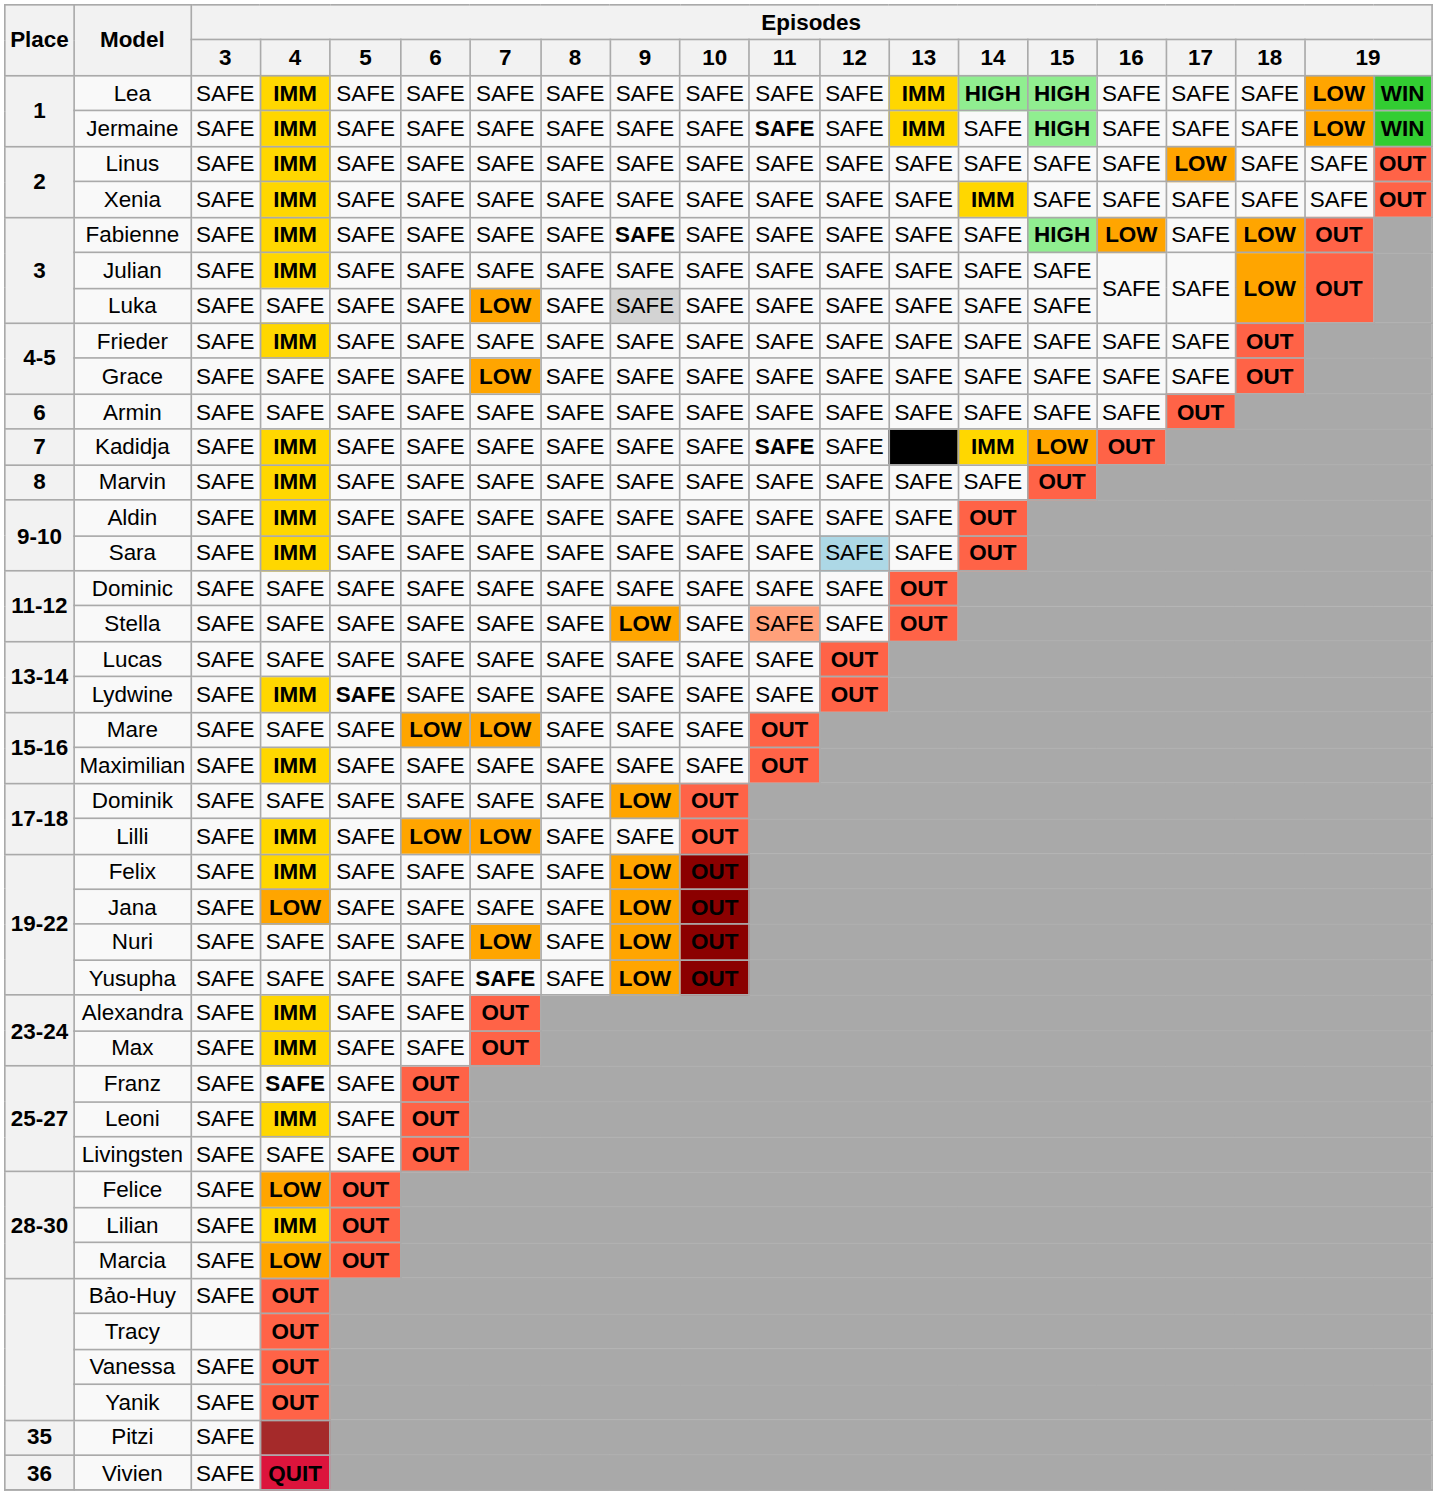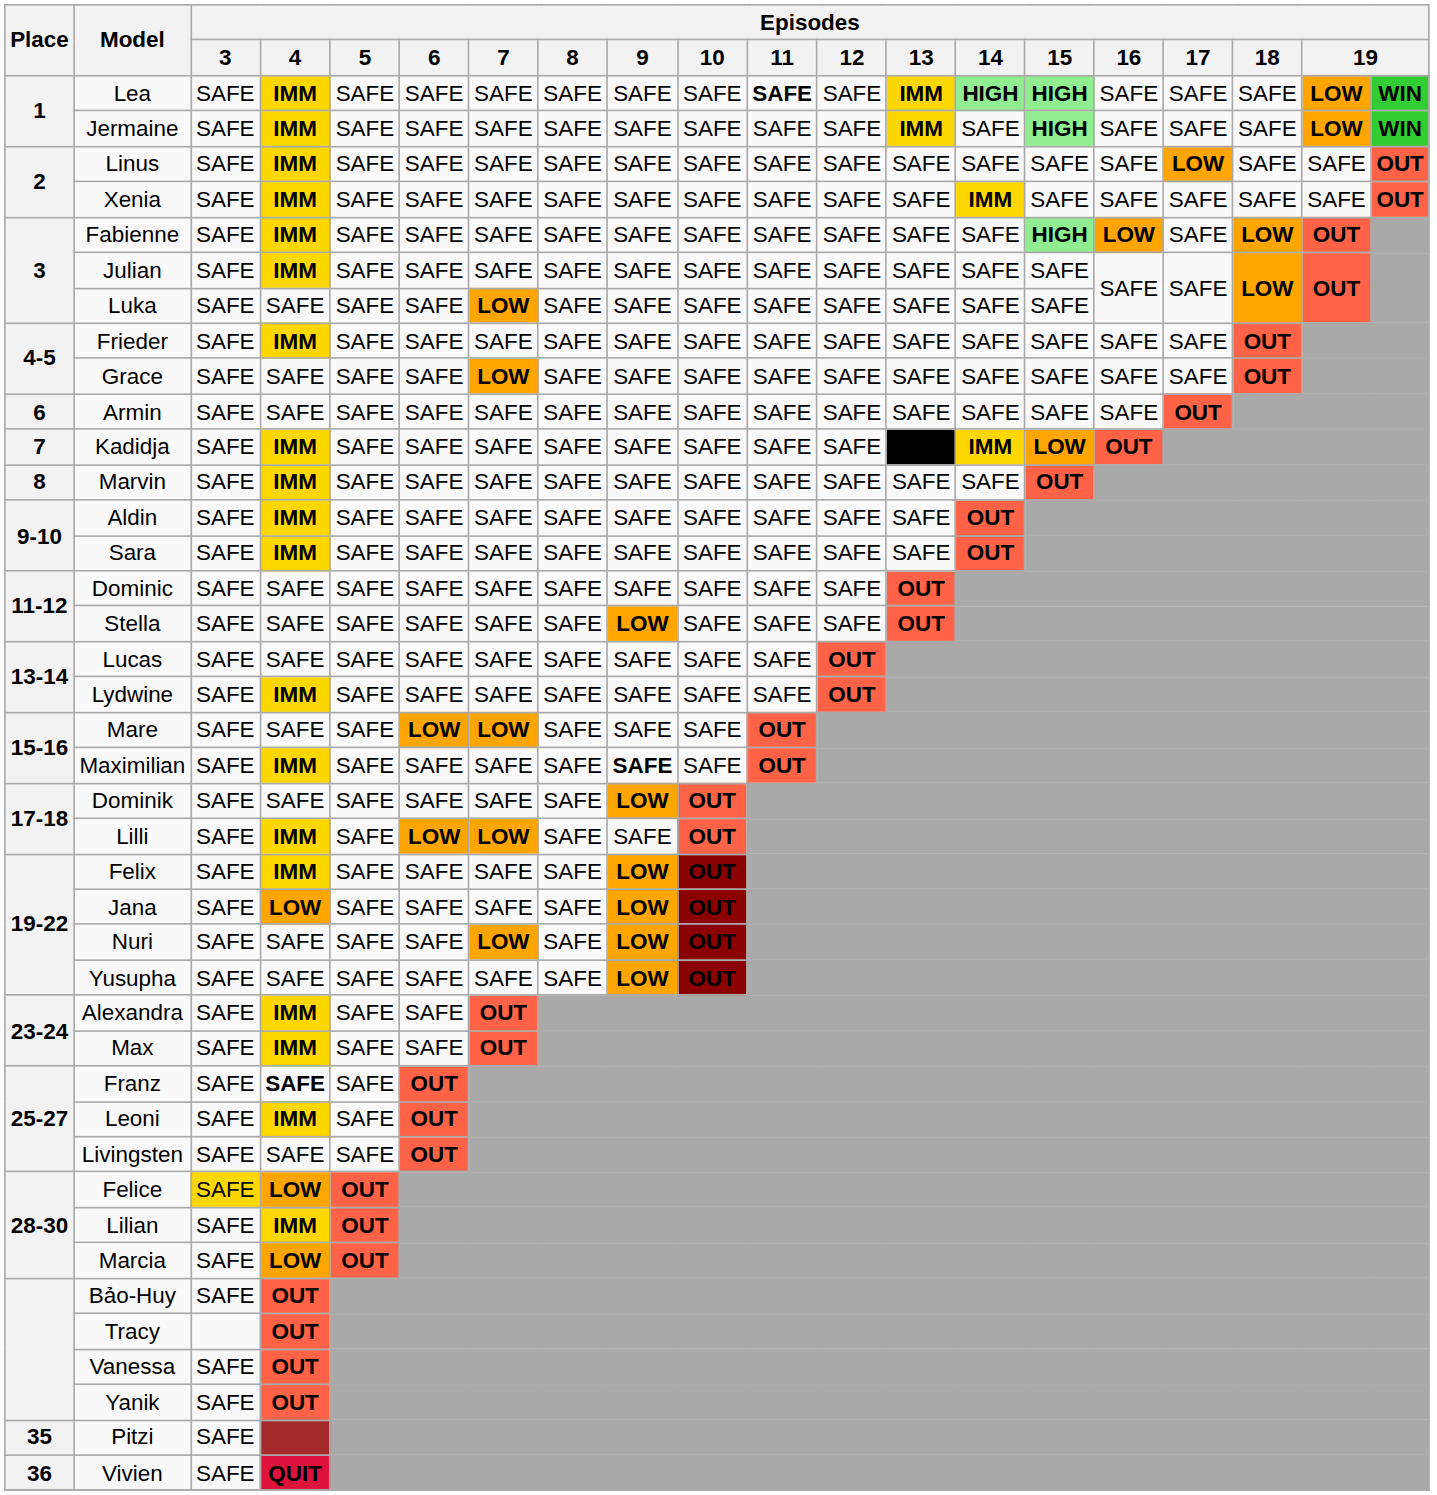 <table class="wikitable" style="width:50%; text-align:center; font-size:85%;">
 <tr>
 <th rowspan="2">Place</th>
 <th rowspan="2">Model</th>
 <th colspan="21">Episodes</th>
 </tr>
 <tr>
 <th>3</th>
 <th>4</th>
 <th>5</th>
 <th>6</th>
 <th>7</th>
 <th>8</th>
 <th>9</th>
 <th>10</th>
 <th>11</th>
 <th>12</th>
 <th>13</th>
 <th>14</th>
 <th>15</th>
 <th>16</th>
 <th>17</th>
 <th>18</th>
 <th colspan="2">19</th>
 </tr>
 <tr>
 <th rowspan="2">1</th>
 <td>Lea</td>
 <td>SAFE</td>
 <td style="background:gold;"><strong>IMM</strong></td>
 <td>SAFE</td>
 <td>SAFE</td>
 <td>SAFE</td>
 <td>SAFE</td>
 <td>SAFE</td>
 <td>SAFE</td>
-<td>SAFE</td>
+<td><strong>SAFE</strong></td>
 <td>SAFE</td>
 <td style="background:gold;"><strong>IMM</strong></td>
 <td style="background:lightgreen;"><strong>HIGH</strong></td>
 <td style="background:lightgreen;"><strong>HIGH</strong></td>
 <td>SAFE</td>
 <td>SAFE</td>
 <td>SAFE</td>
 <td style="background:orange;"><strong>LOW</strong></td>
 <td style="background:limegreen;"><strong>WIN</strong></td>
 </tr>
 <tr>
 <td>Jermaine</td>
 <td>SAFE</td>
 <td style="background:gold;"><strong>IMM</strong></td>
 <td>SAFE</td>
 <td>SAFE</td>
 <td>SAFE</td>
 <td>SAFE</td>
 <td>SAFE</td>
 <td>SAFE</td>
-<td><strong>SAFE</strong></td>
+<td>SAFE</td>
 <td>SAFE</td>
 <td style="background:gold;"><strong>IMM</strong></td>
 <td>SAFE</td>
 <td style="background:lightgreen;"><strong>HIGH</strong></td>
 <td>SAFE</td>
 <td>SAFE</td>
 <td>SAFE</td>
 <td style="background:orange;"><strong>LOW</strong></td>
 <td style="background:limegreen;"><strong>WIN</strong></td>
 </tr>
 <tr>
 <th rowspan="2">2</th>
 <td>Linus</td>
 <td>SAFE</td>
 <td style="background:gold;"><strong>IMM</strong></td>
 <td>SAFE</td>
 <td>SAFE</td>
 <td>SAFE</td>
 <td>SAFE</td>
 <td>SAFE</td>
 <td>SAFE</td>
 <td>SAFE</td>
 <td>SAFE</td>
 <td>SAFE</td>
 <td>SAFE</td>
 <td>SAFE</td>
 <td>SAFE</td>
 <td style="background:orange;"><strong>LOW</strong></td>
 <td>SAFE</td>
 <td>SAFE</td>
 <td style="background:tomato;"><strong>OUT</strong></td>
 </tr>
 <tr>
 <td>Xenia</td>
 <td>SAFE</td>
 <td style="background:gold;"><strong>IMM</strong></td>
 <td>SAFE</td>
 <td>SAFE</td>
 <td>SAFE</td>
 <td>SAFE</td>
 <td>SAFE</td>
 <td>SAFE</td>
 <td>SAFE</td>
 <td>SAFE</td>
 <td>SAFE</td>
 <td style="background:gold;"><strong>IMM</strong></td>
 <td>SAFE</td>
 <td>SAFE</td>
 <td>SAFE</td>
 <td>SAFE</td>
 <td>SAFE</td>
 <td style="background:tomato;"><strong>OUT</strong></td>
 </tr>
 <tr>
 <th rowspan="3">3</th>
 <td>Fabienne</td>
 <td>SAFE</td>
 <td style="background:gold;"><strong>IMM</strong></td>
 <td>SAFE</td>
 <td>SAFE</td>
 <td>SAFE</td>
 <td>SAFE</td>
-<td><strong>SAFE</strong></td>
+<td>SAFE</td>
 <td>SAFE</td>
 <td>SAFE</td>
 <td>SAFE</td>
 <td>SAFE</td>
 <td>SAFE</td>
 <td style="background:lightgreen;"><strong>HIGH</strong></td>
 <td style="background:orange;"><strong>LOW</strong></td>
 <td>SAFE</td>
 <td style="background:orange;"><strong>LOW</strong></td>
 <td style="background:tomato;"><strong>OUT</strong></td>
 <td colspan="25" style="background:darkgrey"></td>
 </tr>
 <tr>
 <td>Julian</td>
 <td>SAFE</td>
 <td style="background:gold;"><strong>IMM</strong></td>
 <td>SAFE</td>
 <td>SAFE</td>
 <td>SAFE</td>
 <td>SAFE</td>
 <td>SAFE</td>
 <td>SAFE</td>
 <td>SAFE</td>
 <td>SAFE</td>
 <td>SAFE</td>
 <td>SAFE</td>
 <td>SAFE</td>
 <td rowspan="2">SAFE</td>
 <td rowspan="2">SAFE</td>
 <td rowspan="2"style="background:orange;"><strong>LOW</strong></td>
 <td rowspan="2"style="background:tomato;"><strong>OUT</strong></td>
 <td rowspan="2"colspan="25" style="background:darkgrey"></td>
 </tr>
 <tr>
 <td>Luka</td>
 <td>SAFE</td>
 <td>SAFE</td>
 <td>SAFE</td>
 <td>SAFE</td>
 <td style="background:orange;"><strong>LOW</strong></td>
 <td>SAFE</td>
-<td style="background: lightgrey;">SAFE</td>
+<td>SAFE</td>
 <td>SAFE</td>
 <td>SAFE</td>
 <td>SAFE</td>
 <td>SAFE</td>
 <td>SAFE</td>
 <td>SAFE</td>
 </tr>
 <tr>
 <th rowspan="2">4-5</th>
 <td>Frieder</td>
 <td>SAFE</td>
 <td style="background:gold;"><strong>IMM</strong></td>
 <td>SAFE</td>
 <td>SAFE</td>
 <td>SAFE</td>
 <td>SAFE</td>
 <td>SAFE</td>
 <td>SAFE</td>
 <td>SAFE</td>
 <td>SAFE</td>
 <td>SAFE</td>
 <td>SAFE</td>
 <td>SAFE</td>
 <td>SAFE</td>
 <td>SAFE</td>
 <td style="background:tomato;"><strong>OUT</strong></td>
 <td colspan="25" style="background:darkgrey"></td>
 </tr>
 <tr>
 <td>Grace</td>
 <td>SAFE</td>
 <td>SAFE</td>
 <td>SAFE</td>
 <td>SAFE</td>
 <td style="background:orange;"><strong>LOW</strong></td>
 <td>SAFE</td>
 <td>SAFE</td>
 <td>SAFE</td>
 <td>SAFE</td>
 <td>SAFE</td>
 <td>SAFE</td>
 <td>SAFE</td>
 <td>SAFE</td>
 <td>SAFE</td>
 <td>SAFE</td>
 <td style="background:tomato;"><strong>OUT</strong></td>
 <td colspan="25" style="background:darkgrey"></td>
 </tr>
 <tr>
 <th>6</th>
 <td>Armin</td>
 <td>SAFE</td>
 <td>SAFE</td>
 <td>SAFE</td>
 <td>SAFE</td>
 <td>SAFE</td>
 <td>SAFE</td>
 <td>SAFE</td>
 <td>SAFE</td>
 <td>SAFE</td>
 <td>SAFE</td>
 <td>SAFE</td>
 <td>SAFE</td>
 <td>SAFE</td>
 <td>SAFE</td>
 <td style="background:tomato;"><strong>OUT</strong></td>
 <td colspan="25" style="background:darkgrey"></td>
 </tr>
 <tr>
 <th>7</th>
 <td>Kadidja</td>
 <td>SAFE</td>
 <td style="background:gold;"><strong>IMM</strong></td>
 <td>SAFE</td>
 <td>SAFE</td>
 <td>SAFE</td>
 <td>SAFE</td>
 <td>SAFE</td>
 <td>SAFE</td>
-<td><strong>SAFE</strong></td>
+<td>SAFE</td>
 <td>SAFE</td>
 <td style="background:black;"></td>
 <td style="background:gold;"><strong>IMM</strong></td>
 <td style="background:orange;"><strong>LOW</strong></td>
 <td style="background:tomato;"><strong>OUT</strong></td>
 <td colspan="25" style="background:darkgrey"></td>
 </tr>
 <tr>
 <th>8</th>
 <td>Marvin</td>
 <td>SAFE</td>
 <td style="background:gold;"><strong>IMM</strong></td>
 <td>SAFE</td>
 <td>SAFE</td>
 <td>SAFE</td>
 <td>SAFE</td>
 <td>SAFE</td>
 <td>SAFE</td>
 <td>SAFE</td>
 <td>SAFE</td>
 <td>SAFE</td>
 <td>SAFE</td>
 <td style="background:tomato;"><strong>OUT</strong></td>
 <td colspan="25" style="background:darkgrey"></td>
 </tr>
 <tr>
 <th rowspan="2">9-10</th>
 <td>Aldin</td>
 <td>SAFE</td>
 <td style="background:gold;"><strong>IMM</strong></td>
 <td>SAFE</td>
 <td>SAFE</td>
 <td>SAFE</td>
 <td>SAFE</td>
 <td>SAFE</td>
 <td>SAFE</td>
 <td>SAFE</td>
 <td>SAFE</td>
 <td>SAFE</td>
 <td style="background:tomato;"><strong>OUT</strong></td>
 <td colspan="25" style="background:darkgrey"></td>
 </tr>
 <tr>
 <td>Sara</td>
 <td>SAFE</td>
 <td style="background:gold;"><strong>IMM</strong></td>
 <td>SAFE</td>
 <td>SAFE</td>
 <td>SAFE</td>
 <td>SAFE</td>
 <td>SAFE</td>
 <td>SAFE</td>
 <td>SAFE</td>
-<td style="background: lightblue;">SAFE</td>
+<td>SAFE</td>
 <td>SAFE</td>
 <td style="background:tomato;"><strong>OUT</strong></td>
 <td colspan="25" style="background:darkgrey"></td>
 </tr>
 <tr>
 <th rowspan="2">11-12</th>
 <td>Dominic</td>
 <td>SAFE</td>
 <td>SAFE</td>
 <td>SAFE</td>
 <td>SAFE</td>
 <td>SAFE</td>
 <td>SAFE</td>
 <td>SAFE</td>
 <td>SAFE</td>
 <td>SAFE</td>
 <td>SAFE</td>
 <td style="background:tomato;"><strong>OUT</strong></td>
 <td colspan="25" style="background:darkgrey"></td>
 </tr>
 <tr>
 <td>Stella</td>
 <td>SAFE</td>
 <td>SAFE</td>
 <td>SAFE</td>
 <td>SAFE</td>
 <td>SAFE</td>
 <td>SAFE</td>
 <td style="background:orange;"><strong>LOW</strong></td>
 <td>SAFE</td>
-<td style="background: lightsalmon;">SAFE</td>
+<td>SAFE</td>
 <td>SAFE</td>
 <td style="background:tomato;"><strong>OUT</strong></td>
 <td colspan="25" style="background:darkgrey"></td>
 </tr>
 <tr>
 <th rowspan="2">13-14</th>
 <td>Lucas</td>
 <td>SAFE</td>
 <td>SAFE</td>
 <td>SAFE</td>
 <td>SAFE</td>
 <td>SAFE</td>
 <td>SAFE</td>
 <td>SAFE</td>
 <td>SAFE</td>
 <td>SAFE</td>
 <td style="background:tomato;"><strong>OUT</strong></td>
 <td colspan="25" style="background:darkgrey"></td>
 </tr>
 <tr>
 <td>Lydwine</td>
 <td>SAFE</td>
 <td style="background:gold;"><strong>IMM</strong></td>
-<td><strong>SAFE</strong></td>
+<td>SAFE</td>
 <td>SAFE</td>
 <td>SAFE</td>
 <td>SAFE</td>
 <td>SAFE</td>
 <td>SAFE</td>
 <td>SAFE</td>
 <td style="background:tomato;"><strong>OUT</strong></td>
 <td colspan="25" style="background:darkgrey"></td>
 </tr>
 <tr>
 <th rowspan="2">15-16</th>
 <td>Mare</td>
 <td>SAFE</td>
 <td>SAFE</td>
 <td>SAFE</td>
 <td style="background:orange;"><strong>LOW</strong></td>
 <td style="background:orange;"><strong>LOW</strong></td>
 <td>SAFE</td>
 <td>SAFE</td>
 <td>SAFE</td>
 <td style="background:tomato;"><strong>OUT</strong></td>
 <td colspan="25" style="background:darkgrey"></td>
 </tr>
 <tr>
 <td>Maximilian</td>
 <td>SAFE</td>
 <td style="background:gold;"><strong>IMM</strong></td>
 <td>SAFE</td>
 <td>SAFE</td>
 <td>SAFE</td>
 <td>SAFE</td>
-<td>SAFE</td>
+<td><strong>SAFE</strong></td>
 <td>SAFE</td>
 <td style="background:tomato;"><strong>OUT</strong></td>
 <td colspan="25" style="background:darkgrey"></td>
 </tr>
 <tr>
 <th rowspan="2">17-18</th>
 <td>Dominik</td>
 <td>SAFE</td>
 <td>SAFE</td>
 <td>SAFE</td>
 <td>SAFE</td>
 <td>SAFE</td>
 <td>SAFE</td>
 <td style="background:orange;"><strong>LOW</strong></td>
 <td style="background:tomato;"><strong>OUT</strong></td>
 <td colspan="25" style="background:darkgrey"></td>
 </tr>
 <tr>
 <td>Lilli</td>
 <td>SAFE</td>
 <td style="background:gold;"><strong>IMM</strong></td>
 <td>SAFE</td>
 <td style="background:orange;"><strong>LOW</strong></td>
 <td style="background:orange;"><strong>LOW</strong></td>
 <td>SAFE</td>
 <td>SAFE</td>
 <td style="background:tomato;"><strong>OUT</strong></td>
 <td colspan="25" style="background:darkgrey"></td>
 </tr>
 <tr>
 <th rowspan="4">19-22</th>
 <td>Felix</td>
 <td>SAFE</td>
 <td style="background:gold;"><strong>IMM</strong></td>
 <td>SAFE</td>
 <td>SAFE</td>
 <td>SAFE</td>
 <td>SAFE</td>
 <td style="background:orange;"><strong>LOW</strong></td>
 <td style="background:darkred;"><strong><span>OUT</span></strong></td>
 <td colspan="25" style="background:darkgrey"></td>
 </tr>
 <tr>
 <td>Jana</td>
 <td>SAFE</td>
 <td style="background:orange;"><strong>LOW</strong></td>
 <td>SAFE</td>
 <td>SAFE</td>
 <td>SAFE</td>
 <td>SAFE</td>
 <td style="background:orange;"><strong>LOW</strong></td>
 <td style="background:darkred;"><strong><span>OUT</span></strong></td>
 <td colspan="25" style="background:darkgrey"></td>
 </tr>
 <tr>
 <td>Nuri</td>
 <td>SAFE</td>
 <td>SAFE</td>
 <td>SAFE</td>
 <td>SAFE</td>
 <td style="background:orange;"><strong>LOW</strong></td>
 <td>SAFE</td>
 <td style="background:orange;"><strong>LOW</strong></td>
 <td style="background:darkred;"><strong><span>OUT</span></strong></td>
 <td colspan="25" style="background:darkgrey"></td>
 </tr>
 <tr>
 <td>Yusupha</td>
 <td>SAFE</td>
 <td>SAFE</td>
 <td>SAFE</td>
 <td>SAFE</td>
-<td><strong>SAFE</strong></td>
+<td>SAFE</td>
 <td>SAFE</td>
 <td style="background:orange;"><strong>LOW</strong></td>
 <td style="background:darkred;"><strong><span>OUT</span></strong></td>
 <td colspan="25" style="background:darkgrey"></td>
 </tr>
 <tr>
 <th rowspan="2">23-24</th>
 <td>Alexandra</td>
 <td>SAFE</td>
 <td style="background:gold;"><strong>IMM</strong></td>
 <td>SAFE</td>
 <td>SAFE</td>
 <td style="background:tomato;"><strong>OUT</strong></td>
 <td colspan="25" style="background:darkgrey"></td>
 </tr>
 <tr>
 <td>Max</td>
 <td>SAFE</td>
 <td style="background:gold;"><strong>IMM</strong></td>
 <td>SAFE</td>
 <td>SAFE</td>
 <td style="background:tomato;"><strong>OUT</strong></td>
 <td colspan="25" style="background:darkgrey"></td>
 </tr>
 <tr>
 <th rowspan="3">25-27</th>
 <td>Franz</td>
 <td>SAFE</td>
 <td><strong>SAFE</strong></td>
 <td>SAFE</td>
 <td style="background:tomato;"><strong>OUT</strong></td>
 <td colspan="25" style="background:darkgrey"></td>
 </tr>
 <tr>
 <td>Leoni</td>
 <td>SAFE</td>
 <td style="background:gold;"><strong>IMM</strong></td>
 <td>SAFE</td>
 <td style="background:tomato;"><strong>OUT</strong></td>
 <td colspan="25" style="background:darkgrey"></td>
 </tr>
 <tr>
 <td>Livingsten</td>
 <td>SAFE</td>
 <td>SAFE</td>
 <td>SAFE</td>
 <td style="background:tomato;"><strong>OUT</strong></td>
 <td colspan="25" style="background:darkgrey"></td>
 </tr>
 <tr>
 <th rowspan="3">28-30</th>
 <td>Felice</td>
-<td>SAFE</td>
+<td style="background: gold;">SAFE</td>
 <td style="background:orange;"><strong>LOW</strong></td>
 <td style="background:tomato;"><strong>OUT</strong></td>
 <td colspan="25" style="background:darkgrey"></td>
 </tr>
 <tr>
 <td>Lilian</td>
 <td>SAFE</td>
 <td style="background:gold;"><strong>IMM</strong></td>
 <td style="background:tomato;"><strong>OUT</strong></td>
 <td colspan="25" style="background:darkgrey"></td>
 </tr>
 <tr>
 <td>Marcia</td>
 <td>SAFE</td>
 <td style="background:orange;"><strong>LOW</strong></td>
 <td style="background:tomato;"><strong>OUT</strong></td>
 <td colspan="25" style="background:darkgrey"></td>
 </tr>
 <tr>
 <th rowspan="4"></th>
 <td>Bảo-Huy</td>
 <td>SAFE</td>
 <td style="background:tomato;"><strong>OUT</strong></td>
 <td colspan="25" style="background:darkgrey"></td>
 </tr>
 <tr>
 <td>Tracy</td>
 <td></td>
 <td style="background:tomato;"><strong>OUT</strong></td>
 <td colspan="25" style="background:darkgrey"></td>
 </tr>
 <tr>
 <td>Vanessa</td>
 <td>SAFE</td>
 <td style="background:tomato;"><strong>OUT</strong></td>
 <td colspan="25" style="background:darkgrey"></td>
 </tr>
 <tr>
 <td>Yanik</td>
 <td>SAFE</td>
 <td style="background:tomato;"><strong>OUT</strong></td>
 <td colspan="25" style="background:darkgrey"></td>
 </tr>
 <tr>
 <th>35</th>
 <td>Pitzi</td>
 <td>SAFE</td>
 <td style="background:brown;"></td>
 <td colspan="25" style="background:darkgrey"></td>
 </tr>
 <tr>
 <th>36</th>
 <td>Vivien</td>
 <td>SAFE</td>
 <td style="background:crimson;"><span><strong>QUIT</strong></span></td>
 <td colspan="25" style="background:darkgrey"></td>
 </tr>
 <tr>
 </tr>
 </table>
